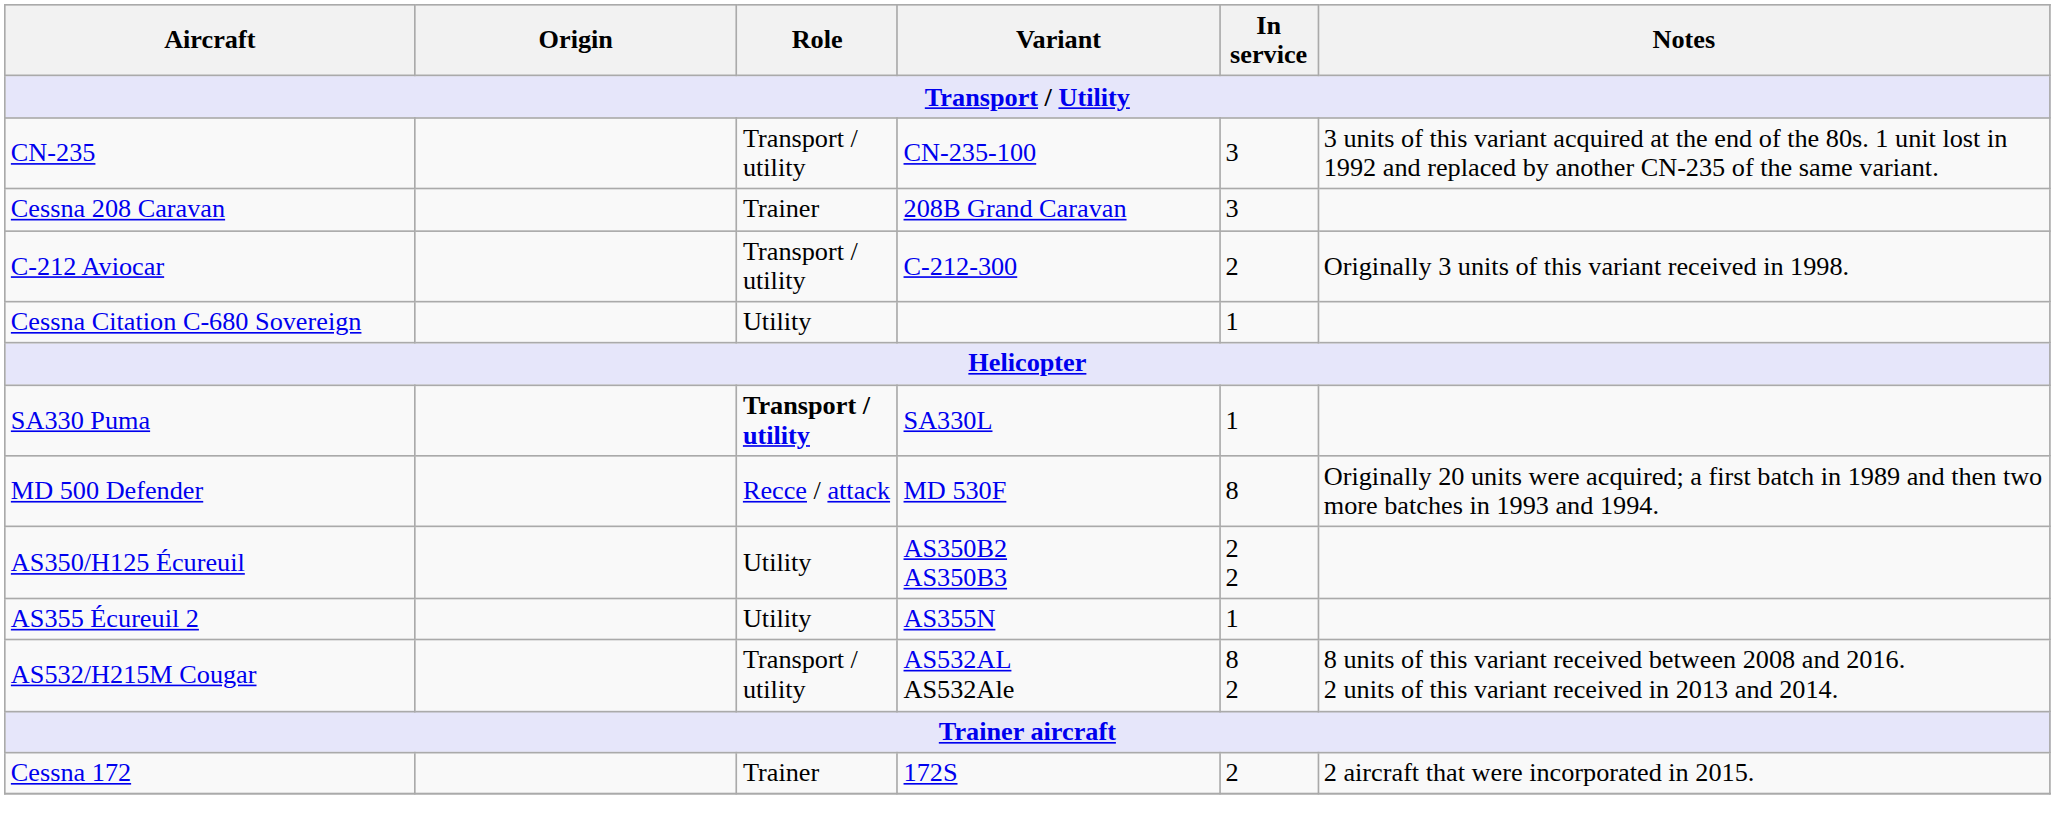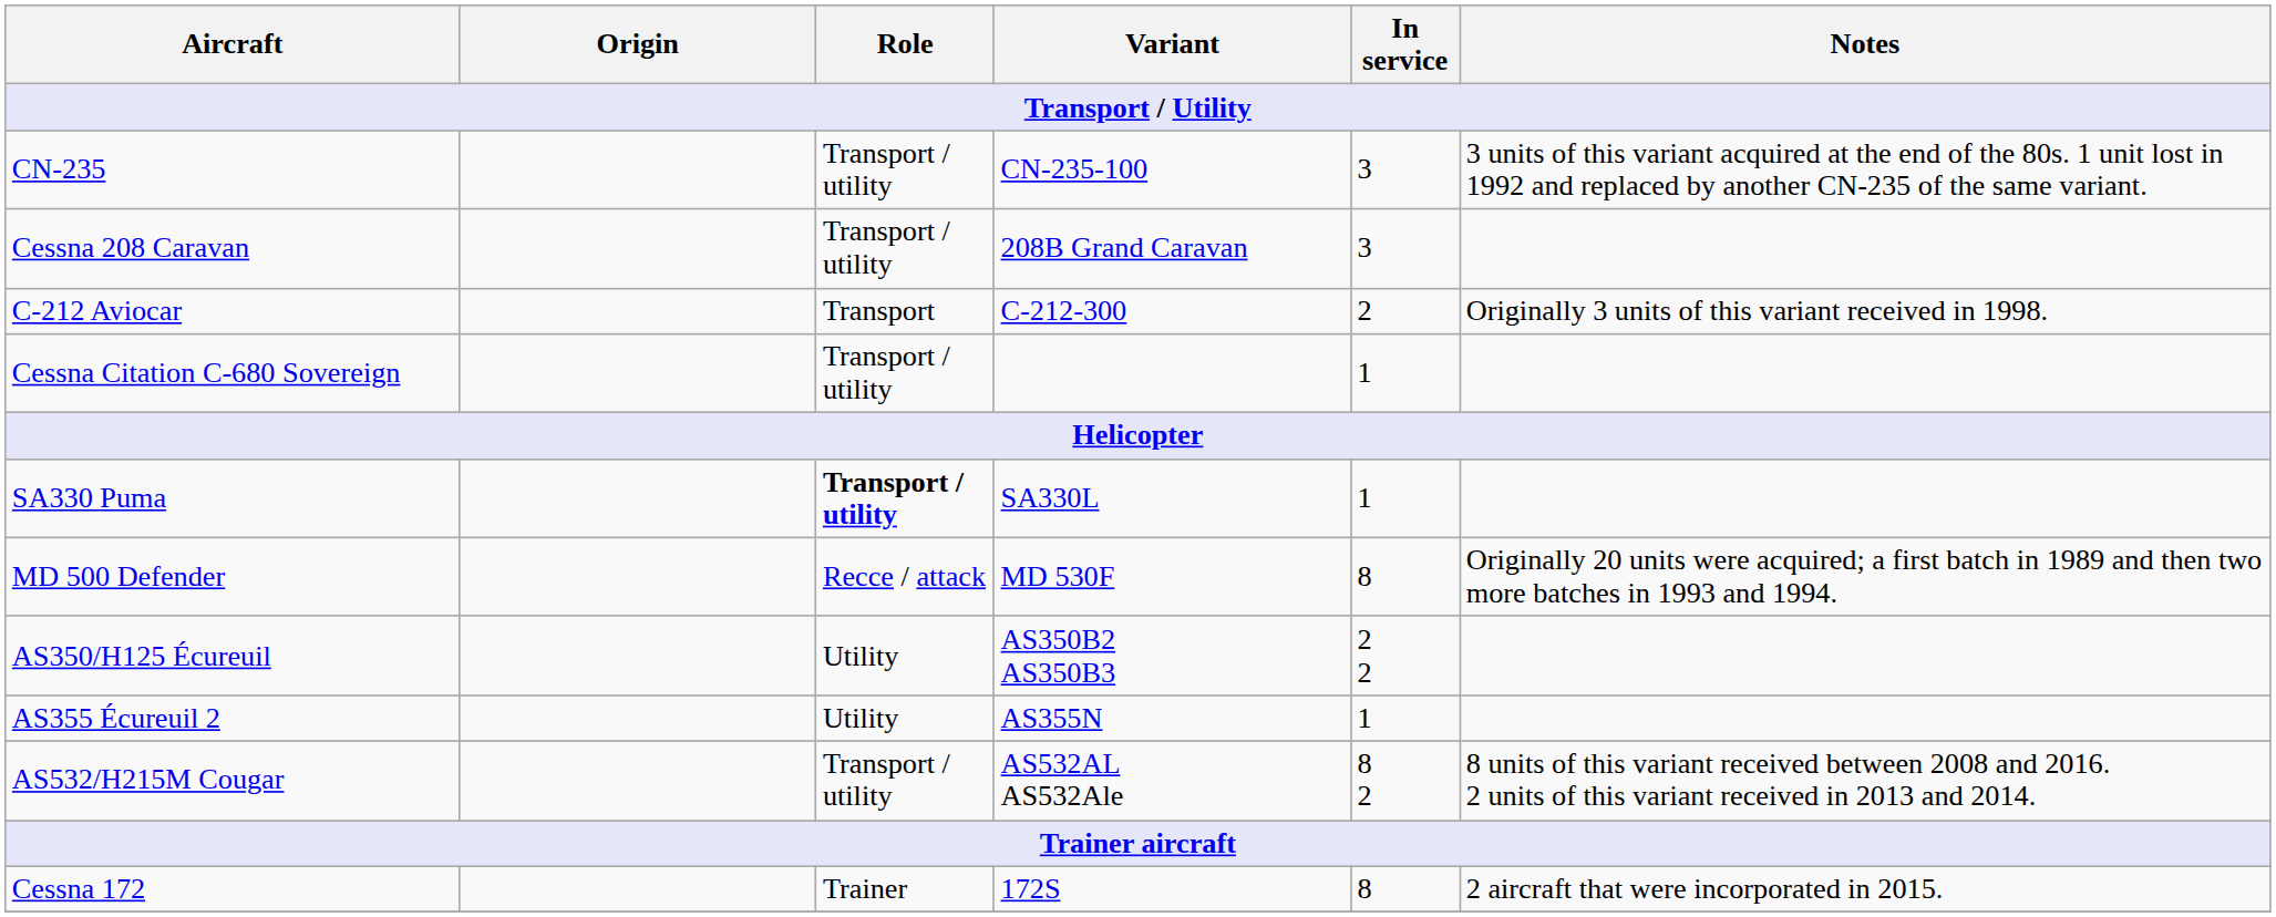 <table class="wikitable">
 <tr>
 <th width="14%">Aircraft</th>
 <th width="11%">Origin</th>
 <th width="4%">Role</th>
 <th width="11%">Variant</th>
 <th width="1%">In service</th>
 <th width="25%">Notes</th>
 </tr>
 <tr>
 <th style="align: center; background: lavender;" colspan="7"><a href='#'>Transport</a> / <a href='#'>Utility</a></th>
 </tr>
 <tr>
 <td><a href='#'>CN-235</a></td>
 <td></td>
 <td>Transport / utility</td>
 <td><a href='#'>CN-235-100</a></td>
 <td>3</td>
 <td>3 units of this variant acquired at the end of the 80s. 1 unit lost in 1992 and replaced by another CN-235 of the same variant.</td>
 </tr>
 <tr>
 <td><a href='#'>Cessna 208 Caravan</a></td>
 <td></td>
-<td>Trainer</td>
+<td>Transport / utility</td>
 <td><a href='#'>208B Grand Caravan</a></td>
 <td>3</td>
 <td></td>
 </tr>
 <tr>
 <td><a href='#'>C-212 Aviocar</a></td>
 <td></td>
-<td>Transport / utility</td>
+<td>Transport</td>
 <td><a href='#'>C-212-300</a></td>
 <td>2</td>
 <td>Originally 3 units of this variant received in 1998.</td>
 </tr>
 <tr>
 <td><a href='#'>Cessna Citation C-680 Sovereign</a></td>
 <td></td>
-<td>Utility</td>
+<td>Transport / utility</td>
 <td></td>
 <td>1</td>
 <td></td>
 </tr>
 <tr>
 <th style="align: center; background: lavender;" colspan="7"><a href='#'>Helicopter</a></th>
 </tr>
 <tr>
 <td><a href='#'>SA330 Puma</a></td>
 <td></td>
 <td><strong>Transport / <a href='#'>utility</a></strong></td>
 <td><a href='#'>SA330L</a></td>
 <td>1</td>
 <td></td>
 </tr>
 <tr>
 <td><a href='#'>MD 500 Defender</a></td>
 <td></td>
 <td><a href='#'>Recce</a> / <a href='#'>attack</a></td>
 <td><a href='#'>MD 530F</a></td>
 <td>8</td>
 <td>Originally 20 units were acquired; a first batch in 1989 and then two more batches in 1993 and 1994.</td>
 </tr>
 <tr>
 <td><a href='#'>AS350/H125 Écureuil</a></td>
 <td></td>
 <td>Utility</td>
 <td><a href='#'>AS350B2</a><br><a href='#'>AS350B3</a></td>
 <td>2<br>2</td>
 <td></td>
 </tr>
 <tr>
 <td><a href='#'>AS355 Écureuil 2</a></td>
 <td></td>
 <td>Utility</td>
 <td><a href='#'>AS355N</a></td>
 <td>1</td>
 <td></td>
 </tr>
 <tr>
 <td><a href='#'>AS532/H215M Cougar</a></td>
 <td></td>
 <td>Transport / utility</td>
 <td><a href='#'>AS532AL</a><br>AS532Ale</td>
 <td>8<br>2</td>
 <td>8 units of this variant received between 2008 and 2016.<br>2 units of this variant received in 2013 and 2014.</td>
 </tr>
 <tr>
 <th style="align: center; background: lavender;" colspan="7"><a href='#'>Trainer aircraft</a></th>
 </tr>
 <tr>
 <td><a href='#'>Cessna 172</a></td>
 <td></td>
 <td>Trainer</td>
 <td><a href='#'>172S</a></td>
-<td>2</td>
+<td>8</td>
 <td>2 aircraft that were incorporated in 2015.</td>
 </tr>
 <tr>
 </tr>
 </table>
